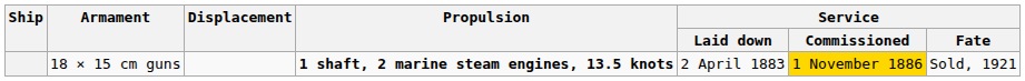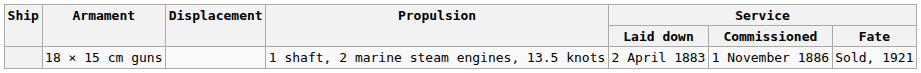 <table class="wikitable plainrowheaders" style="text-align: center;">
 <tr valign="top">
 <th scope="col" rowspan="2">Ship</th>
 <th scope="col" rowspan="2">Armament</th>
 <th scope="col" rowspan="2">Displacement</th>
 <th scope="col" rowspan="2">Propulsion</th>
 <th scope="col" colspan="3">Service</th>
 </tr>
 <tr valign="top">
 <th scope="col">Laid down</th>
 <th scope="col">Commissioned</th>
 <th scope="col">Fate</th>
 </tr>
 <tr valign="center">
 <th scope="row"></th>
 <td>18 × 15 cm guns</td>
 <td></td>
-<td><strong>1 shaft, 2 marine steam engines, 13.5 knots</strong></td>
+<td>1 shaft, 2 marine steam engines, 13.5 knots</td>
 <td>2 April 1883</td>
-<td style="background: gold;">1 November 1886</td>
+<td>1 November 1886</td>
 <td>Sold, 1921</td>
 </tr>
 </table>
